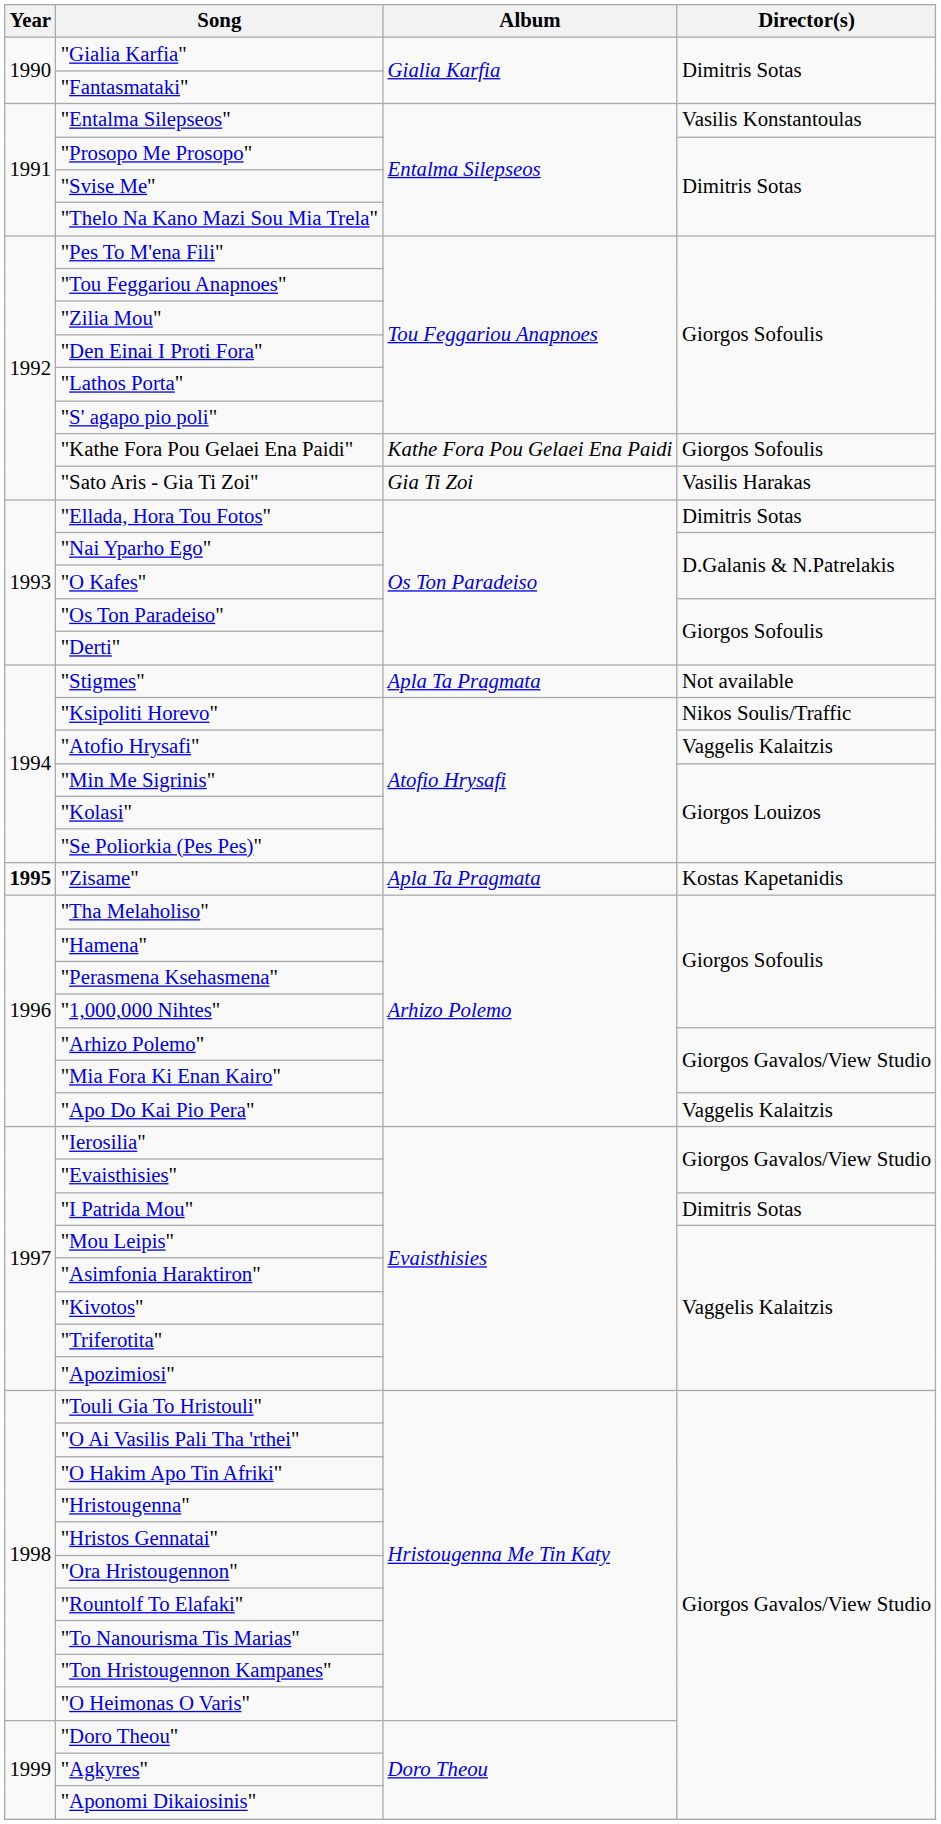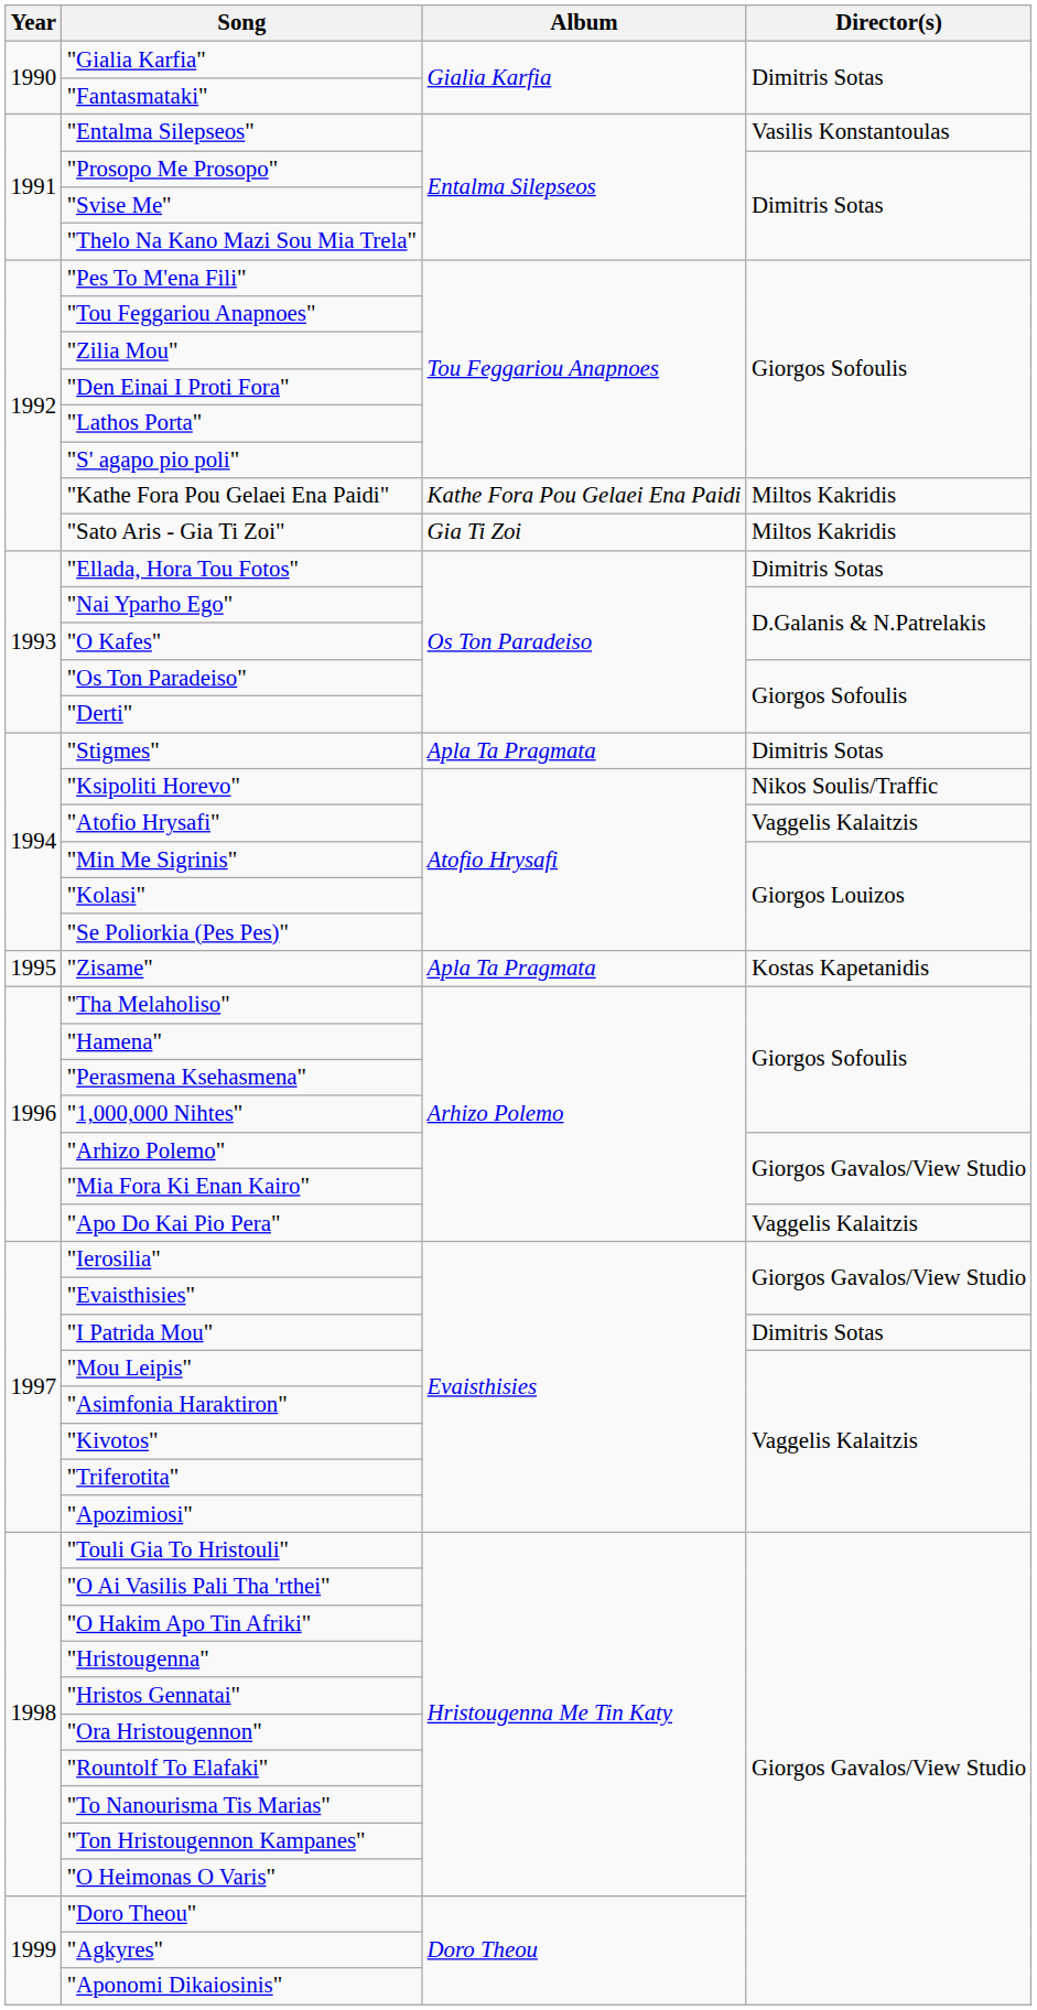 <table class="wikitable">
 <tr>
 <th>Year</th>
 <th>Song</th>
 <th>Album</th>
 <th>Director(s)</th>
 </tr>
 <tr>
 <td rowspan="2">1990</td>
 <td>"<a href='#'>Gialia Karfia</a>"</td>
 <td rowspan="2"><em><a href='#'>Gialia Karfia</a></em></td>
 <td rowspan="2">Dimitris Sotas</td>
 </tr>
 <tr>
 <td>"<a href='#'>Fantasmataki</a>"</td>
 </tr>
 <tr>
 <td rowspan="4">1991</td>
 <td>"<a href='#'>Entalma Silepseos</a>"</td>
 <td rowspan="4"><em><a href='#'>Entalma Silepseos</a></em></td>
 <td>Vasilis Konstantoulas</td>
 </tr>
 <tr>
 <td>"<a href='#'>Prosopo Me Prosopo</a>"</td>
 <td rowspan="3">Dimitris Sotas</td>
 </tr>
 <tr>
 <td>"<a href='#'>Svise Me</a>"</td>
 </tr>
 <tr>
 <td>"<a href='#'>Thelo Na Kano Mazi Sou Mia Trela</a>"</td>
 </tr>
 <tr>
 <td rowspan="8">1992</td>
 <td>"<a href='#'>Pes To M'ena Fili</a>"</td>
 <td rowspan="6"><em><a href='#'>Tou Feggariou Anapnoes</a></em></td>
 <td rowspan="6">Giorgos Sofoulis</td>
 </tr>
 <tr>
 <td>"<a href='#'>Tou Feggariou Anapnoes</a>"</td>
 </tr>
 <tr>
 <td>"<a href='#'>Zilia Mou</a>"</td>
 </tr>
 <tr>
 <td>"<a href='#'>Den Einai I Proti Fora</a>"</td>
 </tr>
 <tr>
 <td>"<a href='#'>Lathos Porta</a>"</td>
 </tr>
 <tr>
 <td>"<a href='#'>S' agapo pio poli</a>"</td>
 </tr>
 <tr>
 <td>"Kathe Fora Pou Gelaei Ena Paidi" </td>
 <td><em>Kathe Fora Pou Gelaei Ena Paidi</em></td>
-<td>Giorgos Sofoulis</td>
+<td>Miltos Kakridis</td>
 </tr>
 <tr>
 <td>"Sato Aris - Gia Ti Zoi" </td>
 <td><em>Gia Ti Zoi</em></td>
-<td>Vasilis Harakas</td>
+<td>Miltos Kakridis</td>
 </tr>
 <tr>
 <td rowspan="5">1993</td>
 <td>"<a href='#'>Ellada, Hora Tou Fotos</a>"</td>
 <td rowspan="5"><em><a href='#'>Os Ton Paradeiso</a></em></td>
 <td>Dimitris Sotas</td>
 </tr>
 <tr>
 <td>"<a href='#'>Nai Yparho Ego</a>"</td>
 <td rowspan="2">D.Galanis & N.Patrelakis</td>
 </tr>
 <tr>
 <td>"<a href='#'>O Kafes</a>"</td>
 </tr>
 <tr>
 <td>"<a href='#'>Os Ton Paradeiso</a>"</td>
 <td rowspan="2">Giorgos Sofoulis</td>
 </tr>
 <tr>
 <td>"<a href='#'>Derti</a>"</td>
 </tr>
 <tr>
 <td rowspan="6">1994</td>
 <td>"<a href='#'>Stigmes</a>" </td>
 <td><em><a href='#'>Apla Ta Pragmata</a></em></td>
-<td>Not available</td>
+<td>Dimitris Sotas</td>
 </tr>
 <tr>
 <td>"<a href='#'>Ksipoliti Horevo</a>"</td>
 <td rowspan="5"><em><a href='#'>Atofio Hrysafi</a></em></td>
 <td>Nikos Soulis/Traffic</td>
 </tr>
 <tr>
 <td>"<a href='#'>Atofio Hrysafi</a>"</td>
 <td>Vaggelis Kalaitzis</td>
 </tr>
 <tr>
 <td>"<a href='#'>Min Me Sigrinis</a>"</td>
 <td rowspan="3">Giorgos Louizos</td>
 </tr>
 <tr>
 <td>"<a href='#'>Kolasi</a>"</td>
 </tr>
 <tr>
 <td>"<a href='#'>Se Poliorkia (Pes Pes)</a>"</td>
 </tr>
 <tr>
-<td><strong>1995</strong></td>
+<td>1995</td>
 <td>"<a href='#'>Zisame</a>" </td>
 <td><em><a href='#'>Apla Ta Pragmata</a></em></td>
 <td>Kostas Kapetanidis</td>
 </tr>
 <tr>
 <td rowspan="7">1996</td>
 <td>"<a href='#'>Tha Melaholiso</a>"</td>
 <td rowspan="7"><em><a href='#'>Arhizo Polemo</a></em></td>
 <td rowspan="4">Giorgos Sofoulis</td>
 </tr>
 <tr>
 <td>"<a href='#'>Hamena</a>"</td>
 </tr>
 <tr>
 <td>"<a href='#'>Perasmena Ksehasmena</a>"</td>
 </tr>
 <tr>
 <td>"<a href='#'>1,000,000 Nihtes</a>"</td>
 </tr>
 <tr>
 <td>"<a href='#'>Arhizo Polemo</a>"</td>
 <td rowspan="2">Giorgos Gavalos/View Studio</td>
 </tr>
 <tr>
 <td>"<a href='#'>Mia Fora Ki Enan Kairo</a>"</td>
 </tr>
 <tr>
 <td>"<a href='#'>Apo Do Kai Pio Pera</a>"</td>
 <td>Vaggelis Kalaitzis</td>
 </tr>
 <tr>
 <td rowspan="8">1997</td>
 <td>"<a href='#'>Ierosilia</a>"</td>
 <td rowspan="8"><em><a href='#'>Evaisthisies</a></em></td>
 <td rowspan="2">Giorgos Gavalos/View Studio</td>
 </tr>
 <tr>
 <td>"<a href='#'>Evaisthisies</a>"</td>
 </tr>
 <tr>
 <td>"<a href='#'>I Patrida Mou</a>" </td>
 <td>Dimitris Sotas</td>
 </tr>
 <tr>
 <td>"<a href='#'>Mou Leipis</a>"</td>
 <td rowspan="5">Vaggelis Kalaitzis</td>
 </tr>
 <tr>
 <td>"<a href='#'>Asimfonia Haraktiron</a>" </td>
 </tr>
 <tr>
 <td>"<a href='#'>Kivotos</a>"</td>
 </tr>
 <tr>
 <td>"<a href='#'>Triferotita</a>"</td>
 </tr>
 <tr>
 <td>"<a href='#'>Apozimiosi</a>"</td>
 </tr>
 <tr>
 <td rowspan="10">1998</td>
 <td>"<a href='#'>Touli Gia To Hristouli</a>" </td>
 <td rowspan="10"><em><a href='#'>Hristougenna Me Tin Katy</a></em></td>
 <td rowspan="13">Giorgos Gavalos/View Studio</td>
 </tr>
 <tr>
 <td>"<a href='#'>O Ai Vasilis Pali Tha 'rthei</a>"</td>
 </tr>
 <tr>
 <td>"<a href='#'>O Hakim Apo Tin Afriki</a>"</td>
 </tr>
 <tr>
 <td>"<a href='#'>Hristougenna</a>"</td>
 </tr>
 <tr>
 <td>"<a href='#'>Hristos Gennatai</a>"</td>
 </tr>
 <tr>
 <td>"<a href='#'>Ora Hristougennon</a>"</td>
 </tr>
 <tr>
 <td>"<a href='#'>Rountolf To Elafaki</a>"</td>
 </tr>
 <tr>
 <td>"<a href='#'>To Nanourisma Tis Marias</a>"</td>
 </tr>
 <tr>
 <td>"<a href='#'>Ton Hristougennon Kampanes</a>"</td>
 </tr>
 <tr>
 <td>"<a href='#'>O Heimonas O Varis</a>"</td>
 </tr>
 <tr>
 <td rowspan="3">1999</td>
 <td>"<a href='#'>Doro Theou</a>"</td>
 <td rowspan="3"><em><a href='#'>Doro Theou</a></em></td>
 </tr>
 <tr>
 <td>"<a href='#'>Agkyres</a>"</td>
 </tr>
 <tr>
 <td>"<a href='#'>Aponomi Dikaiosinis</a>"</td>
 </tr>
 <tr>
 </tr>
 </table>
